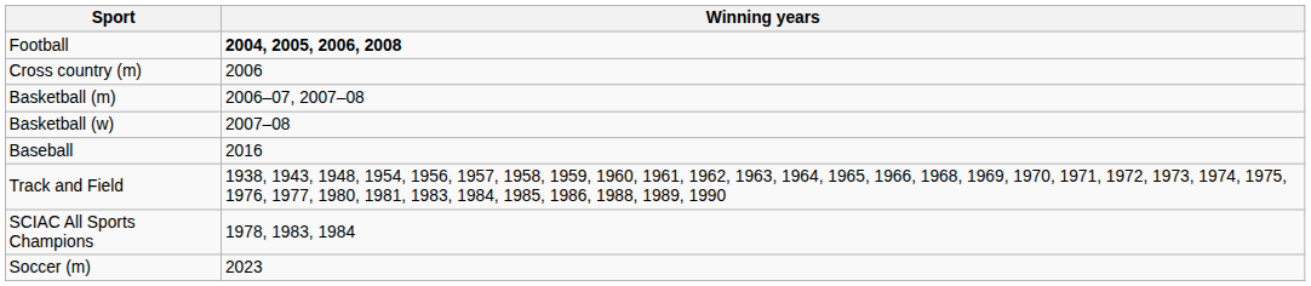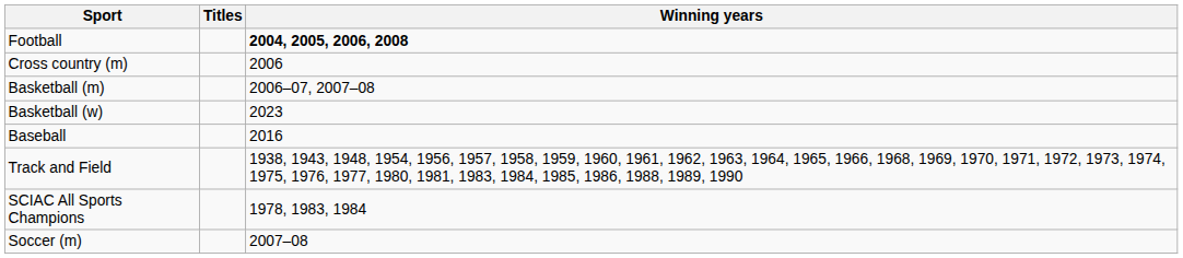 <table class="wikitable"; style= "text-align: ">
 <tr>
 <th width=200px>Sport</th>
+<th width=px>Titles</th>
 <th width=px>Winning years</th>
 </tr>
 <tr>
 <td>Football</td>
+<td></td>
 <td><strong>2004, 2005, 2006, 2008</strong></td>
 </tr>
 <tr>
 <td>Cross country (m)</td>
+<td></td>
 <td>2006</td>
 </tr>
 <tr>
 <td>Basketball (m)</td>
+<td></td>
 <td>2006–07, 2007–08</td>
 </tr>
 <tr>
 <td>Basketball (w)</td>
-<td>2007–08</td>
+<td></td>
+<td>2023 </td>
 </tr>
 <tr>
 <td>Baseball</td>
+<td></td>
 <td>2016</td>
 </tr>
 <tr>
 <td>Track and Field</td>
+<td></td>
 <td>1938, 1943, 1948, 1954, 1956, 1957, 1958, 1959, 1960, 1961, 1962, 1963, 1964, 1965, 1966, 1968, 1969, 1970, 1971, 1972, 1973, 1974, 1975, 1976, 1977, 1980, 1981, 1983, 1984, 1985, 1986, 1988, 1989, 1990 </td>
 </tr>
 <tr>
 <td>SCIAC All Sports Champions</td>
+<td></td>
 <td>1978, 1983, 1984</td>
 </tr>
 <tr>
 <td>Soccer (m)</td>
-<td>2023 </td>
+<td></td>
+<td>2007–08</td>
 </tr>
 </table>
